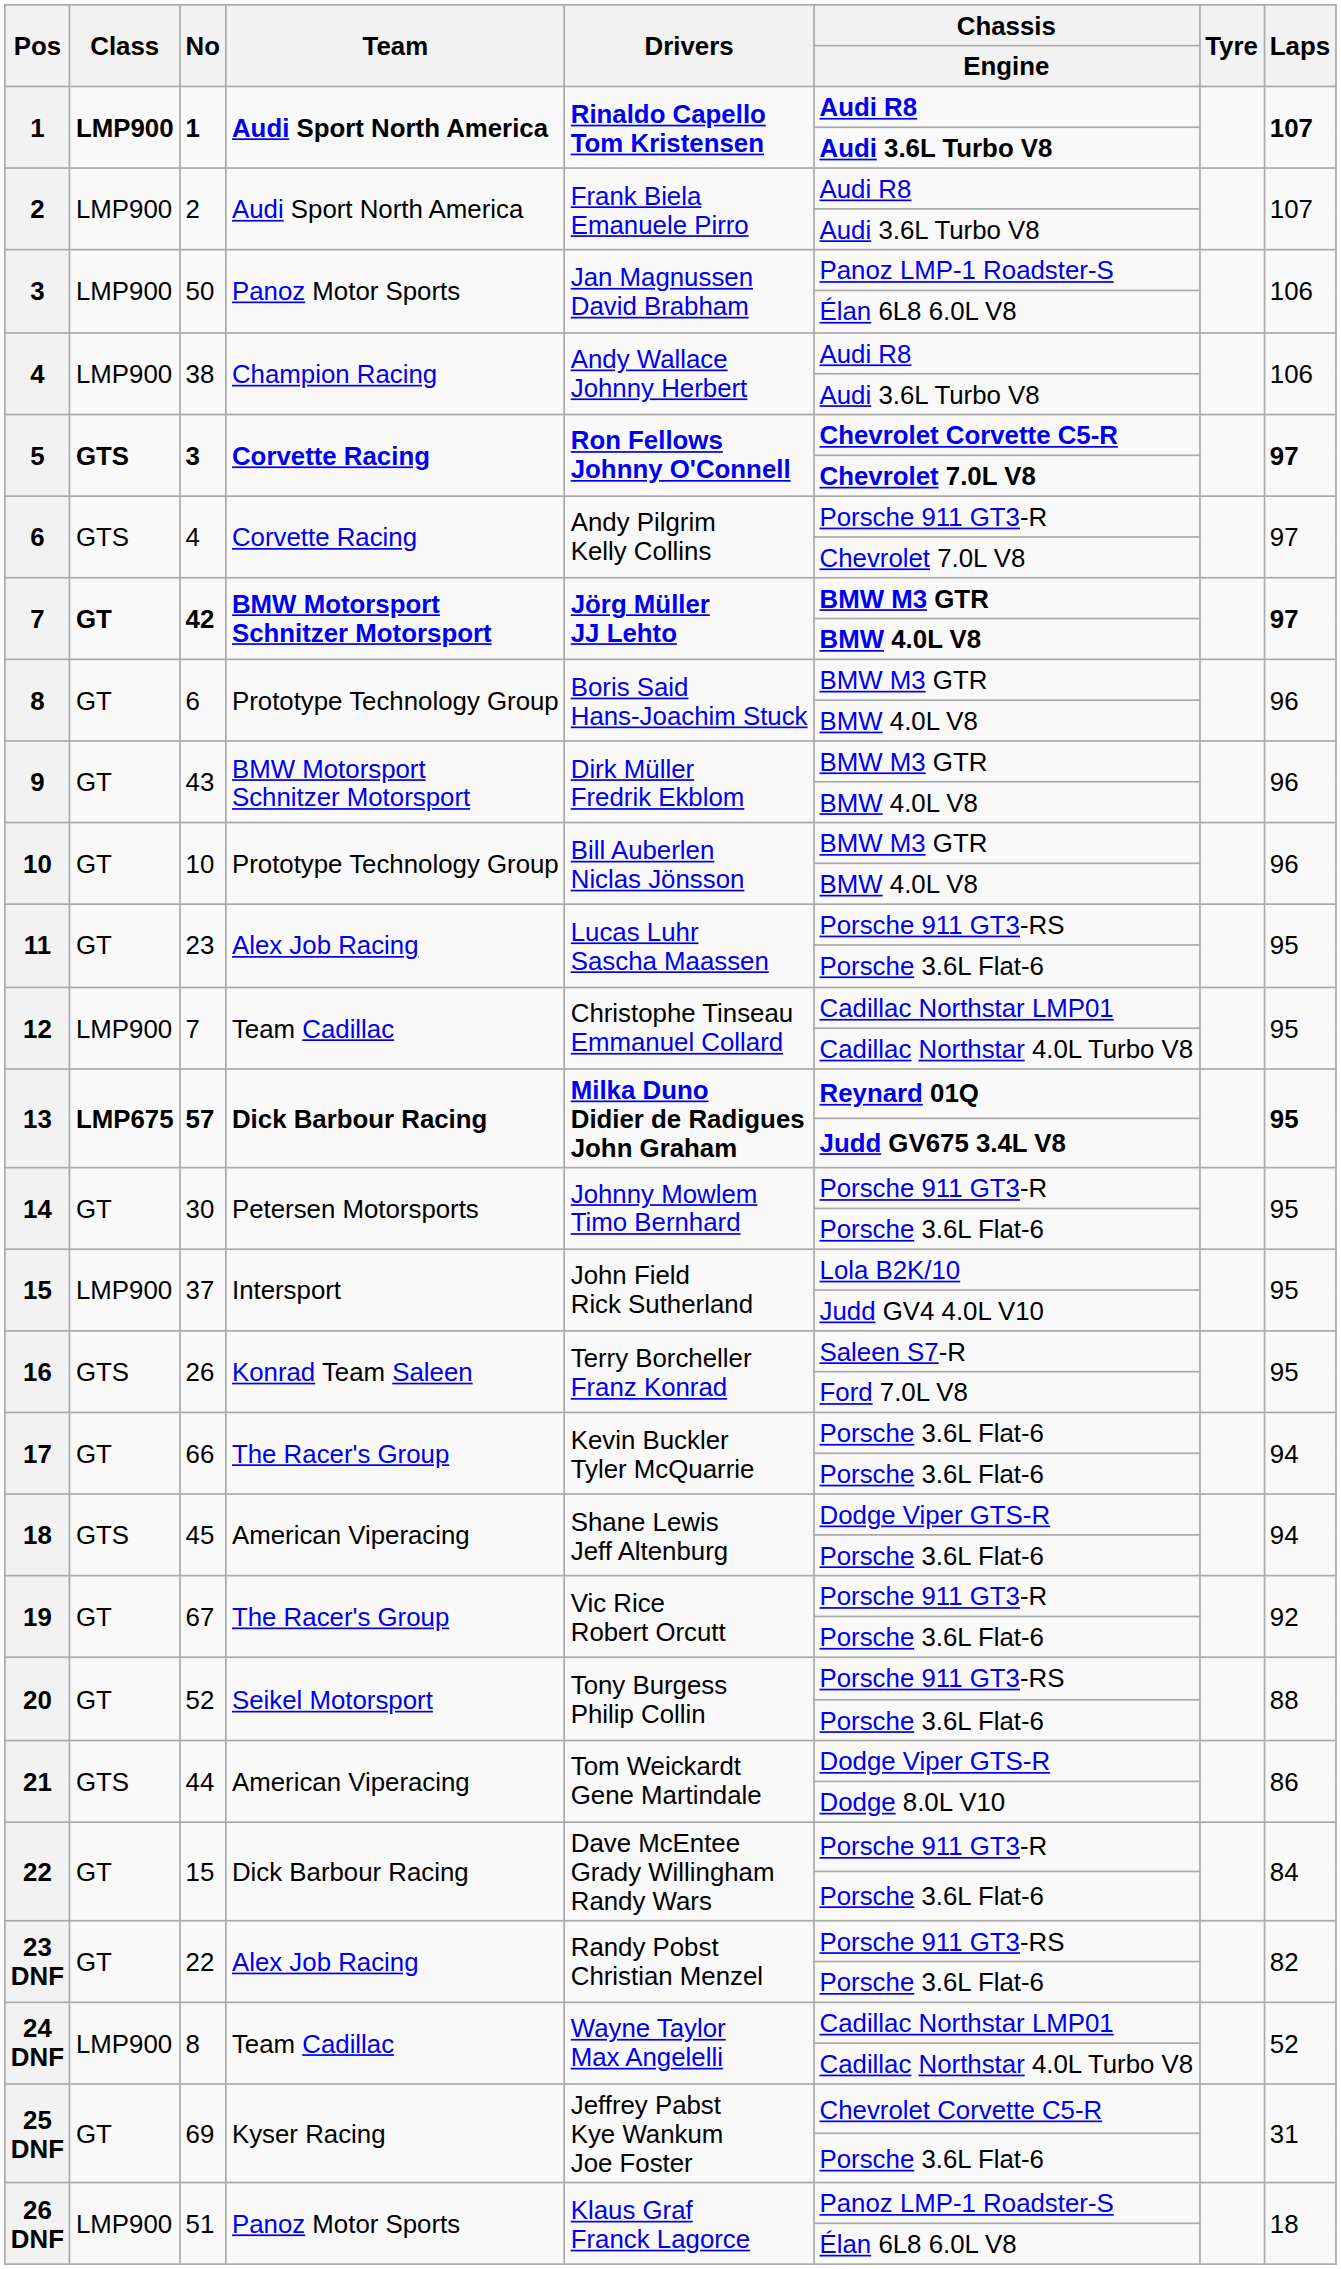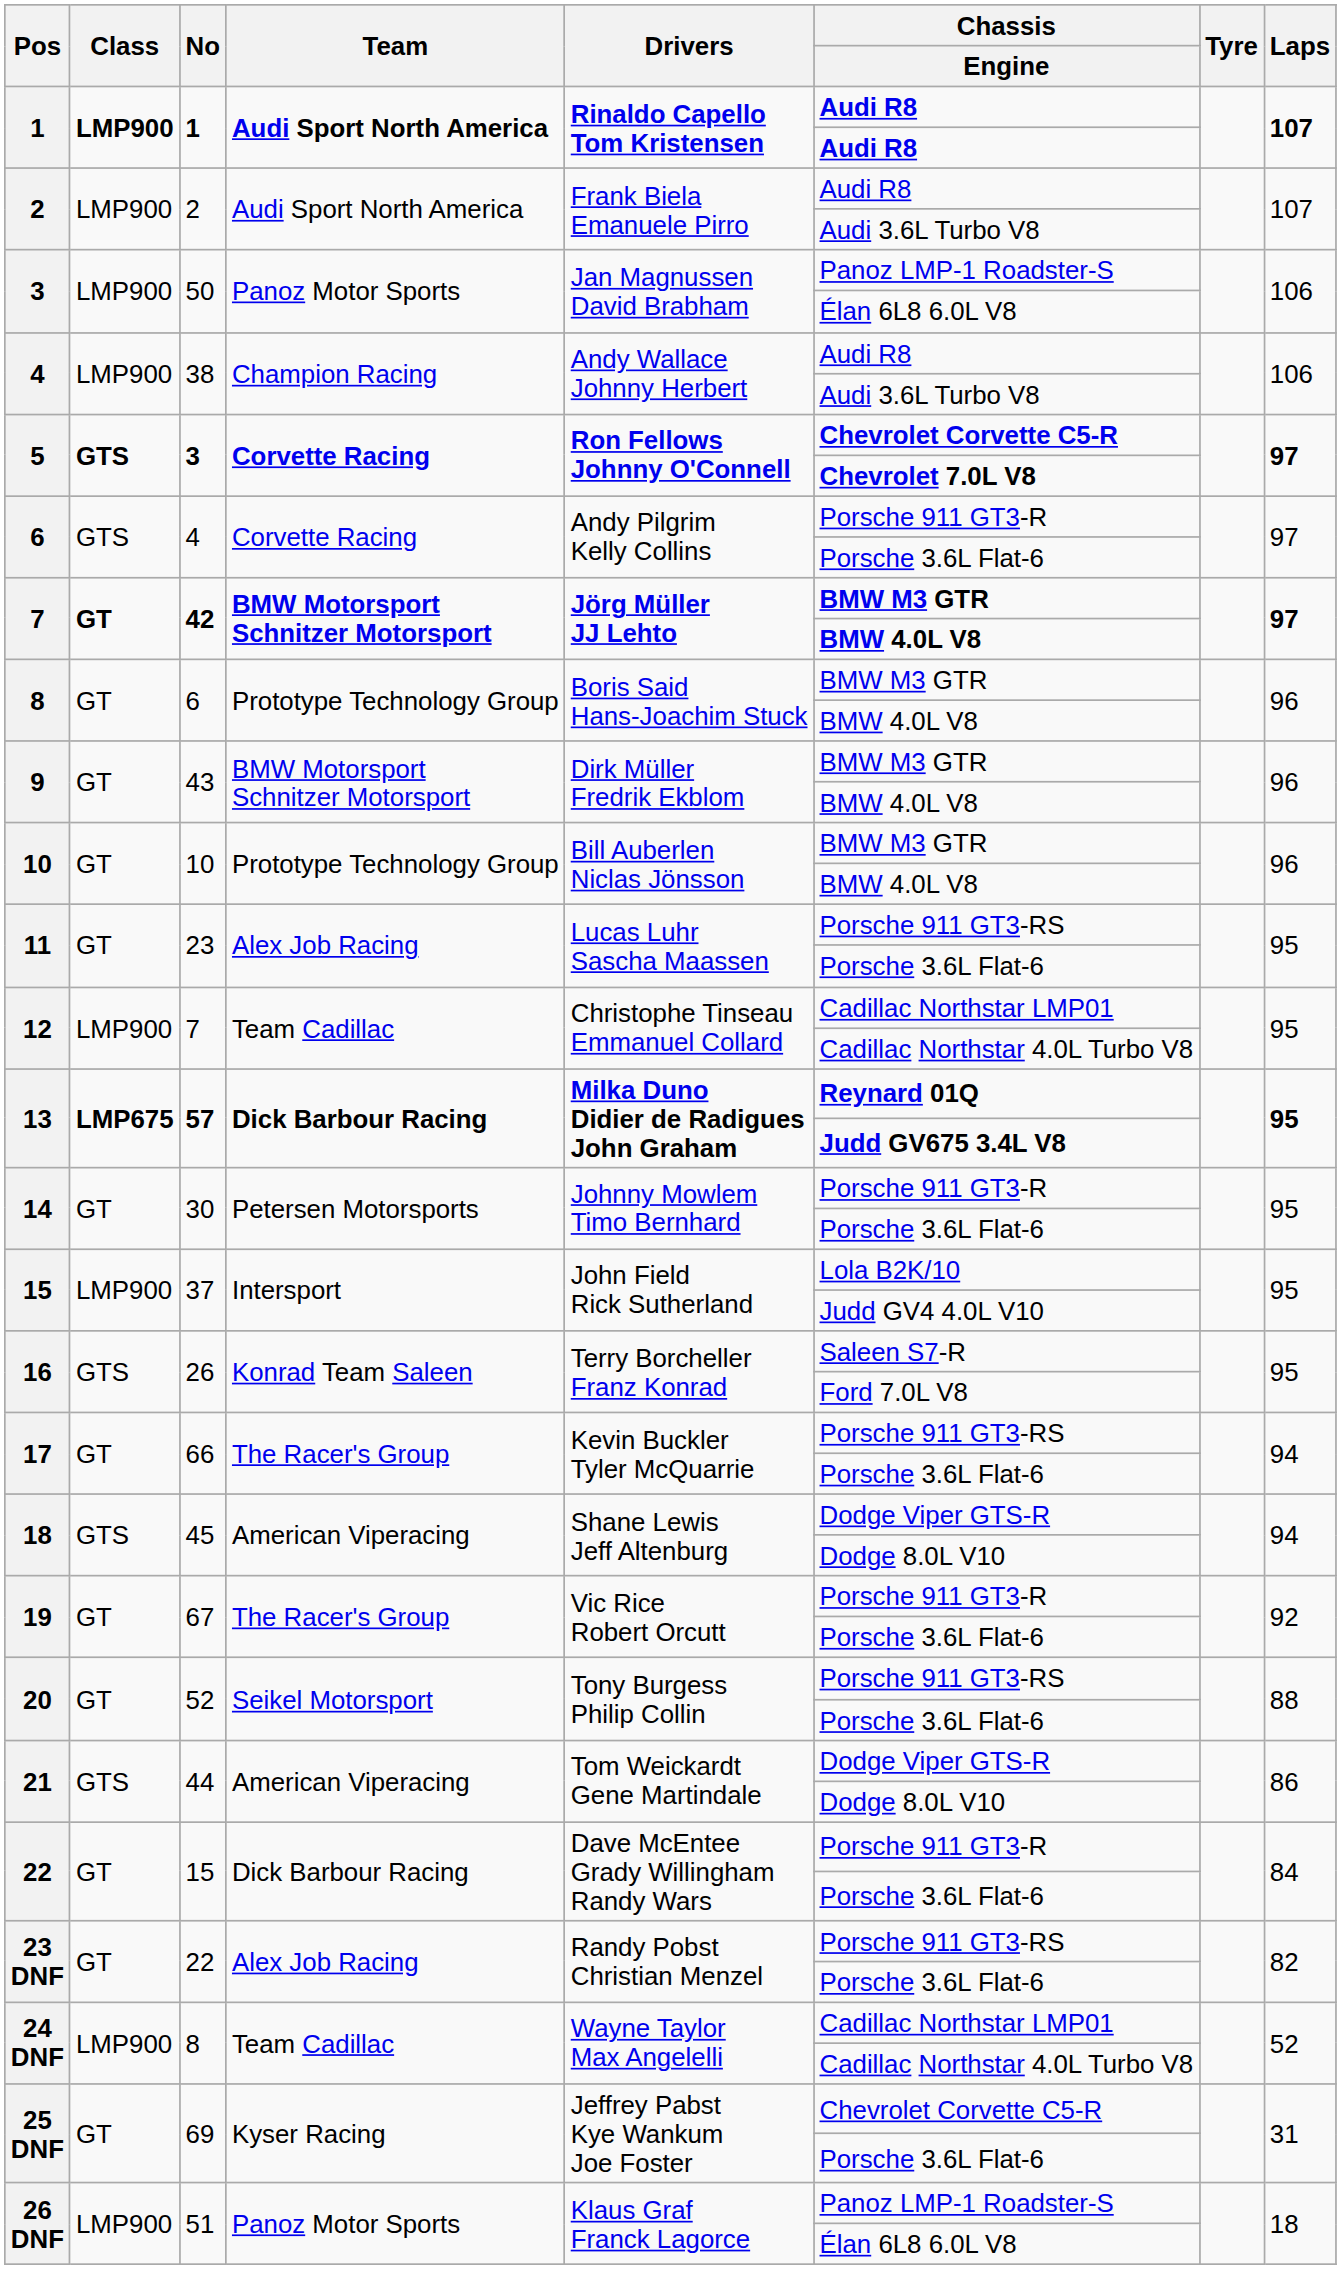 <table class="wikitable" style="font-size: 95%;">
 <tr>
 <th rowspan=2>Pos</th>
 <th rowspan=2>Class</th>
 <th rowspan=2>No</th>
 <th rowspan=2>Team</th>
 <th rowspan=2>Drivers</th>
 <th>Chassis</th>
 <th rowspan=2>Tyre</th>
 <th rowspan=2>Laps</th>
 </tr>
 <tr>
 <th>Engine</th>
 </tr>
 <tr style="font-weight:bold">
 <th rowspan=2>1</th>
 <td rowspan=2>LMP900</td>
 <td rowspan=2>1</td>
 <td rowspan=2> <a href='#'>Audi</a> Sport North America</td>
 <td rowspan=2> <a href='#'>Rinaldo Capello</a><br> <a href='#'>Tom Kristensen</a></td>
 <td><a href='#'>Audi R8</a></td>
 <td rowspan=2></td>
 <td rowspan=2>107</td>
 </tr>
 <tr style="font-weight:bold">
-<td><a href='#'>Audi</a> 3.6L Turbo V8</td>
+<td><a href='#'>Audi R8</a></td>
 </tr>
 <tr>
 <th rowspan=2>2</th>
 <td rowspan=2>LMP900</td>
 <td rowspan=2>2</td>
 <td rowspan=2> <a href='#'>Audi</a> Sport North America</td>
 <td rowspan=2> <a href='#'>Frank Biela</a><br> <a href='#'>Emanuele Pirro</a></td>
 <td><a href='#'>Audi R8</a></td>
 <td rowspan=2></td>
 <td rowspan=2>107</td>
 </tr>
 <tr>
 <td><a href='#'>Audi</a> 3.6L Turbo V8</td>
 </tr>
 <tr>
 <th rowspan=2>3</th>
 <td rowspan=2>LMP900</td>
 <td rowspan=2>50</td>
 <td rowspan=2> <a href='#'>Panoz</a> Motor Sports</td>
 <td rowspan=2> <a href='#'>Jan Magnussen</a><br> <a href='#'>David Brabham</a></td>
 <td><a href='#'>Panoz LMP-1 Roadster-S</a></td>
 <td rowspan=2></td>
 <td rowspan=2>106</td>
 </tr>
 <tr>
 <td><a href='#'>Élan</a> 6L8 6.0L V8</td>
 </tr>
 <tr>
 <th rowspan=2>4</th>
 <td rowspan=2>LMP900</td>
 <td rowspan=2>38</td>
 <td rowspan=2> <a href='#'>Champion Racing</a></td>
 <td rowspan=2> <a href='#'>Andy Wallace</a><br> <a href='#'>Johnny Herbert</a></td>
 <td><a href='#'>Audi R8</a></td>
 <td rowspan=2></td>
 <td rowspan=2>106</td>
 </tr>
 <tr>
 <td><a href='#'>Audi</a> 3.6L Turbo V8</td>
 </tr>
 <tr style="font-weight:bold">
 <th rowspan=2>5</th>
 <td rowspan=2>GTS</td>
 <td rowspan=2>3</td>
 <td rowspan=2> <a href='#'>Corvette Racing</a></td>
 <td rowspan=2> <a href='#'>Ron Fellows</a><br> <a href='#'>Johnny O'Connell</a></td>
 <td><a href='#'>Chevrolet Corvette C5-R</a></td>
 <td rowspan=2></td>
 <td rowspan=2>97</td>
 </tr>
 <tr style="font-weight:bold">
 <td><a href='#'>Chevrolet</a> 7.0L V8</td>
 </tr>
 <tr>
 <th rowspan=2>6</th>
 <td rowspan=2>GTS</td>
 <td rowspan=2>4</td>
 <td rowspan=2> <a href='#'>Corvette Racing</a></td>
 <td rowspan=2> Andy Pilgrim<br> Kelly Collins</td>
 <td><a href='#'>Porsche 911 GT3</a>-R</td>
 <td rowspan=2></td>
 <td rowspan=2>97</td>
 </tr>
 <tr>
-<td><a href='#'>Chevrolet</a> 7.0L V8</td>
+<td><a href='#'>Porsche</a> 3.6L Flat-6</td>
 </tr>
 <tr style="font-weight:bold">
 <th rowspan=2>7</th>
 <td rowspan=2>GT</td>
 <td rowspan=2>42</td>
 <td rowspan=2> <a href='#'>BMW Motorsport</a><br> <a href='#'>Schnitzer Motorsport</a></td>
 <td rowspan=2> <a href='#'>Jörg Müller</a><br> <a href='#'>JJ Lehto</a></td>
 <td><a href='#'>BMW M3</a> GTR</td>
 <td rowspan=2></td>
 <td rowspan=2>97</td>
 </tr>
 <tr style="font-weight:bold">
 <td><a href='#'>BMW</a> 4.0L V8</td>
 </tr>
 <tr>
 <th rowspan=2>8</th>
 <td rowspan=2>GT</td>
 <td rowspan=2>6</td>
 <td rowspan=2> Prototype Technology Group</td>
 <td rowspan=2> <a href='#'>Boris Said</a><br> <a href='#'>Hans-Joachim Stuck</a></td>
 <td><a href='#'>BMW M3</a> GTR</td>
 <td rowspan=2></td>
 <td rowspan=2>96</td>
 </tr>
 <tr>
 <td><a href='#'>BMW</a> 4.0L V8</td>
 </tr>
 <tr>
 <th rowspan=2>9</th>
 <td rowspan=2>GT</td>
 <td rowspan=2>43</td>
 <td rowspan=2> <a href='#'>BMW Motorsport</a><br> <a href='#'>Schnitzer Motorsport</a></td>
 <td rowspan=2> <a href='#'>Dirk Müller</a><br> <a href='#'>Fredrik Ekblom</a></td>
 <td><a href='#'>BMW M3</a> GTR</td>
 <td rowspan=2></td>
 <td rowspan=2>96</td>
 </tr>
 <tr>
 <td><a href='#'>BMW</a> 4.0L V8</td>
 </tr>
 <tr>
 <th rowspan=2>10</th>
 <td rowspan=2>GT</td>
 <td rowspan=2>10</td>
 <td rowspan=2> Prototype Technology Group</td>
 <td rowspan=2> <a href='#'>Bill Auberlen</a><br> <a href='#'>Niclas Jönsson</a></td>
 <td><a href='#'>BMW M3</a> GTR</td>
 <td rowspan=2></td>
 <td rowspan=2>96</td>
 </tr>
 <tr>
 <td><a href='#'>BMW</a> 4.0L V8</td>
 </tr>
 <tr>
 <th rowspan=2>11</th>
 <td rowspan=2>GT</td>
 <td rowspan=2>23</td>
 <td rowspan=2> <a href='#'>Alex Job Racing</a></td>
 <td rowspan=2> <a href='#'>Lucas Luhr</a><br> <a href='#'>Sascha Maassen</a></td>
 <td><a href='#'>Porsche 911 GT3</a>-RS</td>
 <td rowspan=2></td>
 <td rowspan=2>95</td>
 </tr>
 <tr>
 <td><a href='#'>Porsche</a> 3.6L Flat-6</td>
 </tr>
 <tr>
 <th rowspan=2>12</th>
 <td rowspan=2>LMP900</td>
 <td rowspan=2>7</td>
 <td rowspan=2> Team <a href='#'>Cadillac</a></td>
 <td rowspan=2> Christophe Tinseau<br> <a href='#'>Emmanuel Collard</a></td>
 <td><a href='#'>Cadillac Northstar LMP01</a></td>
 <td rowspan=2></td>
 <td rowspan=2>95</td>
 </tr>
 <tr>
 <td><a href='#'>Cadillac</a> <a href='#'>Northstar</a> 4.0L Turbo V8</td>
 </tr>
 <tr style="font-weight:bold">
 <th rowspan=2>13</th>
 <td rowspan=2>LMP675</td>
 <td rowspan=2>57</td>
 <td rowspan=2> Dick Barbour Racing</td>
 <td rowspan=2> <a href='#'>Milka Duno</a><br> Didier de Radigues<br> John Graham</td>
 <td><a href='#'>Reynard</a> 01Q</td>
 <td rowspan=2></td>
 <td rowspan=2>95</td>
 </tr>
 <tr style="font-weight:bold">
 <td><a href='#'>Judd</a> GV675 3.4L V8</td>
 </tr>
 <tr>
 <th rowspan=2>14</th>
 <td rowspan=2>GT</td>
 <td rowspan=2>30</td>
 <td rowspan=2> Petersen Motorsports</td>
 <td rowspan=2> <a href='#'>Johnny Mowlem</a><br> <a href='#'>Timo Bernhard</a></td>
 <td><a href='#'>Porsche 911 GT3</a>-R</td>
 <td rowspan=2></td>
 <td rowspan=2>95</td>
 </tr>
 <tr>
 <td><a href='#'>Porsche</a> 3.6L Flat-6</td>
 </tr>
 <tr>
 <th rowspan=2>15</th>
 <td rowspan=2>LMP900</td>
 <td rowspan=2>37</td>
 <td rowspan=2> Intersport</td>
 <td rowspan=2> John Field<br> Rick Sutherland</td>
 <td><a href='#'>Lola B2K/10</a></td>
 <td rowspan=2></td>
 <td rowspan=2>95</td>
 </tr>
 <tr>
 <td><a href='#'>Judd</a> GV4 4.0L V10</td>
 </tr>
 <tr>
 <th rowspan=2>16</th>
 <td rowspan=2>GTS</td>
 <td rowspan=2>26</td>
 <td rowspan=2> <a href='#'>Konrad</a> Team <a href='#'>Saleen</a></td>
 <td rowspan=2> Terry Borcheller<br> <a href='#'>Franz Konrad</a></td>
 <td><a href='#'>Saleen S7</a>-R</td>
 <td rowspan=2></td>
 <td rowspan=2>95</td>
 </tr>
 <tr>
 <td><a href='#'>Ford</a> 7.0L V8</td>
 </tr>
 <tr>
 <th rowspan=2>17</th>
 <td rowspan=2>GT</td>
 <td rowspan=2>66</td>
 <td rowspan=2> <a href='#'>The Racer's Group</a></td>
 <td rowspan=2> Kevin Buckler<br> Tyler McQuarrie</td>
-<td><a href='#'>Porsche</a> 3.6L Flat-6</td>
+<td><a href='#'>Porsche 911 GT3</a>-RS</td>
 <td rowspan=2></td>
 <td rowspan=2>94</td>
 </tr>
 <tr>
 <td><a href='#'>Porsche</a> 3.6L Flat-6</td>
 </tr>
 <tr>
 <th rowspan=2>18</th>
 <td rowspan=2>GTS</td>
 <td rowspan=2>45</td>
 <td rowspan=2> American Viperacing</td>
 <td rowspan=2> Shane Lewis<br> Jeff Altenburg</td>
 <td><a href='#'>Dodge Viper GTS-R</a></td>
 <td rowspan=2></td>
 <td rowspan=2>94</td>
 </tr>
 <tr>
-<td><a href='#'>Porsche</a> 3.6L Flat-6</td>
+<td><a href='#'>Dodge</a> 8.0L V10</td>
 </tr>
 <tr>
 <th rowspan=2>19</th>
 <td rowspan=2>GT</td>
 <td rowspan=2>67</td>
 <td rowspan=2> <a href='#'>The Racer's Group</a></td>
 <td rowspan=2> Vic Rice<br> Robert Orcutt</td>
 <td><a href='#'>Porsche 911 GT3</a>-R</td>
 <td rowspan=2></td>
 <td rowspan=2>92</td>
 </tr>
 <tr>
 <td><a href='#'>Porsche</a> 3.6L Flat-6</td>
 </tr>
 <tr>
 <th rowspan=2>20</th>
 <td rowspan=2>GT</td>
 <td rowspan=2>52</td>
 <td rowspan=2> <a href='#'>Seikel Motorsport</a></td>
 <td rowspan=2> Tony Burgess<br> Philip Collin</td>
 <td><a href='#'>Porsche 911 GT3</a>-RS</td>
 <td rowspan=2></td>
 <td rowspan=2>88</td>
 </tr>
 <tr>
 <td><a href='#'>Porsche</a> 3.6L Flat-6</td>
 </tr>
 <tr>
 <th rowspan=2>21</th>
 <td rowspan=2>GTS</td>
 <td rowspan=2>44</td>
 <td rowspan=2> American Viperacing</td>
 <td rowspan=2> Tom Weickardt<br> Gene Martindale</td>
 <td><a href='#'>Dodge Viper GTS-R</a></td>
 <td rowspan=2></td>
 <td rowspan=2>86</td>
 </tr>
 <tr>
 <td><a href='#'>Dodge</a> 8.0L V10</td>
 </tr>
 <tr>
 <th rowspan=2>22</th>
 <td rowspan=2>GT</td>
 <td rowspan=2>15</td>
 <td rowspan=2> Dick Barbour Racing</td>
 <td rowspan=2> Dave McEntee<br> Grady Willingham<br> Randy Wars</td>
 <td><a href='#'>Porsche 911 GT3</a>-R</td>
 <td rowspan=2></td>
 <td rowspan=2>84</td>
 </tr>
 <tr>
 <td><a href='#'>Porsche</a> 3.6L Flat-6</td>
 </tr>
 <tr>
 <th rowspan=2>23<br>DNF</th>
 <td rowspan=2>GT</td>
 <td rowspan=2>22</td>
 <td rowspan=2> <a href='#'>Alex Job Racing</a></td>
 <td rowspan=2> Randy Pobst<br> Christian Menzel</td>
 <td><a href='#'>Porsche 911 GT3</a>-RS</td>
 <td rowspan=2></td>
 <td rowspan=2>82</td>
 </tr>
 <tr>
 <td><a href='#'>Porsche</a> 3.6L Flat-6</td>
 </tr>
 <tr>
 <th rowspan=2>24<br>DNF</th>
 <td rowspan=2>LMP900</td>
 <td rowspan=2>8</td>
 <td rowspan=2> Team <a href='#'>Cadillac</a></td>
 <td rowspan=2> <a href='#'>Wayne Taylor</a><br> <a href='#'>Max Angelelli</a></td>
 <td><a href='#'>Cadillac Northstar LMP01</a></td>
 <td rowspan=2></td>
 <td rowspan=2>52</td>
 </tr>
 <tr>
 <td><a href='#'>Cadillac</a> <a href='#'>Northstar</a> 4.0L Turbo V8</td>
 </tr>
 <tr>
 <th rowspan=2>25<br>DNF</th>
 <td rowspan=2>GT</td>
 <td rowspan=2>69</td>
 <td rowspan=2> Kyser Racing</td>
 <td rowspan=2> Jeffrey Pabst<br> Kye Wankum<br> Joe Foster</td>
 <td><a href='#'>Chevrolet Corvette C5-R</a></td>
 <td rowspan=2></td>
 <td rowspan=2>31</td>
 </tr>
 <tr>
 <td><a href='#'>Porsche</a> 3.6L Flat-6</td>
 </tr>
 <tr>
 <th rowspan=2>26<br>DNF</th>
 <td rowspan=2>LMP900</td>
 <td rowspan=2>51</td>
 <td rowspan=2> <a href='#'>Panoz</a> Motor Sports</td>
 <td rowspan=2> <a href='#'>Klaus Graf</a><br> <a href='#'>Franck Lagorce</a></td>
 <td><a href='#'>Panoz LMP-1 Roadster-S</a></td>
 <td rowspan=2></td>
 <td rowspan=2>18</td>
 </tr>
 <tr>
 <td><a href='#'>Élan</a> 6L8 6.0L V8</td>
 </tr>
 </table>
